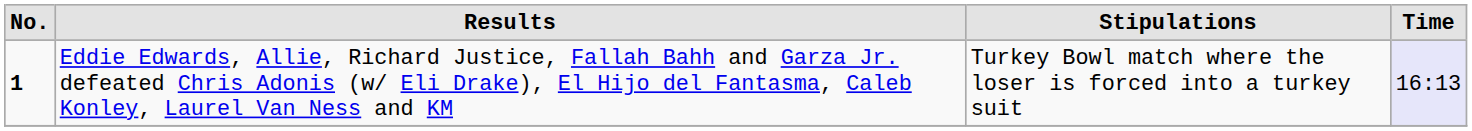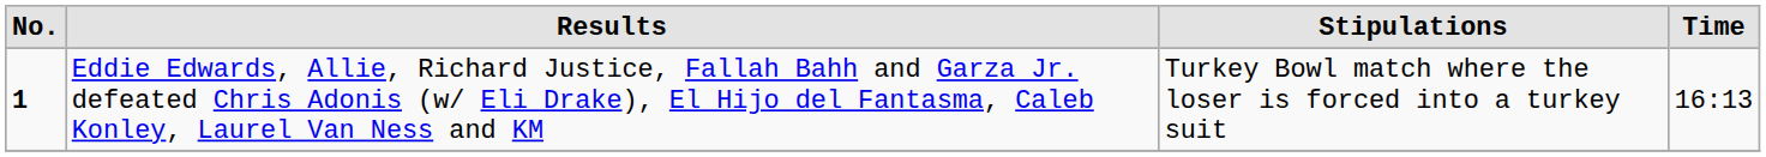 <table style="font-size: 100%; text-align: left;" class="wikitable">
 <tr>
 <th style="border-style: none none solid solid; background: #e3e3e3;"><strong>No.</strong></th>
 <th style="border-style: none none solid solid; background: #e3e3e3;"><strong>Results</strong></th>
 <th style="border-style: none none solid solid; background: #e3e3e3;"><strong>Stipulations</strong></th>
 <th style="border-style: none none solid solid; background: #e3e3e3;"><strong>Time</strong></th>
 </tr>
 <tr>
 <td><strong>1</strong></td>
 <td><a href='#'>Eddie Edwards</a>, <a href='#'>Allie</a>, Richard Justice, <a href='#'>Fallah Bahh</a> and <a href='#'>Garza Jr.</a> defeated <a href='#'>Chris Adonis</a> (w/ <a href='#'>Eli Drake</a>), <a href='#'>El Hijo del Fantasma</a>, <a href='#'>Caleb Konley</a>, <a href='#'>Laurel Van Ness</a> and <a href='#'>KM</a></td>
 <td>Turkey Bowl match where the loser is forced into a turkey suit</td>
-<td style="background: lavender;">16:13</td>
+<td>16:13</td>
 </tr>
 <tr>
 </tr>
 </table>
